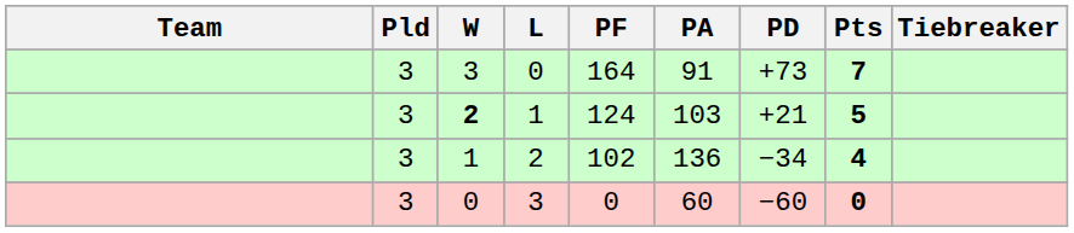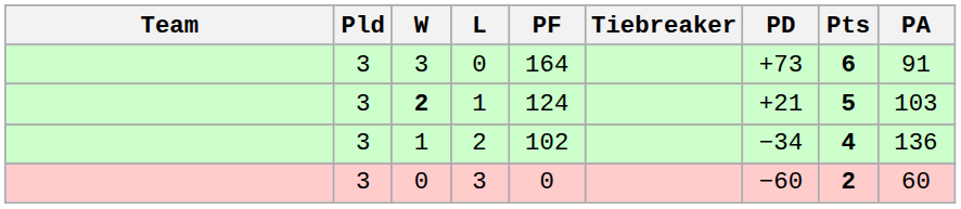 <table class="wikitable" style="text-align:center;">
 <tr>
 <th width=170>Team</th>
 <th width=25>Pld</th>
 <th width=25>W</th>
 <th width=25>L</th>
 <th width=35>PF</th>
-<th width=35>PA</th>
+<th width=50>Tiebreaker</th>
 <th width=35>PD</th>
 <th width=25>Pts</th>
-<th width=50>Tiebreaker</th>
+<th width=35>PA</th>
 </tr>
 <tr bgcolor=ccffcc>
 <td align="left"></td>
 <td>3</td>
 <td>3</td>
 <td>0</td>
 <td>164</td>
+<td></td>
+<td>+73</td>
+<td><strong>6</strong></td>
 <td>91</td>
-<td>+73</td>
-<td><strong>7</strong></td>
-<td></td>
 </tr>
 <tr bgcolor=ccffcc>
 <td align="left"></td>
 <td>3</td>
 <td><strong>2</strong></td>
 <td>1</td>
 <td>124</td>
-<td>103</td>
+<td></td>
 <td>+21</td>
 <td><strong>5</strong></td>
-<td></td>
+<td>103</td>
 </tr>
 <tr bgcolor=ccffcc>
 <td align="left"></td>
 <td>3</td>
 <td>1</td>
 <td>2</td>
 <td>102</td>
-<td>136</td>
+<td></td>
 <td>−34</td>
 <td><strong>4</strong></td>
-<td></td>
+<td>136</td>
 </tr>
 <tr bgcolor=ffcccc>
 <td align="left"></td>
 <td>3</td>
 <td>0</td>
 <td>3</td>
 <td>0</td>
+<td></td>
+<td>−60</td>
+<td><strong>2</strong></td>
 <td>60</td>
-<td>−60</td>
-<td><strong>0</strong></td>
-<td></td>
 </tr>
 </table>
